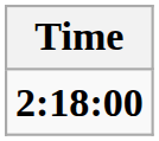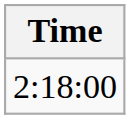 <table class="wikitable" border="1" align="upright">
 <tr>
 <th>Time</th>
 </tr>
 <tr>
-<td><strong>2:18:00</strong></td>
+<td>2:18:00</td>
 </tr>
 </table>
